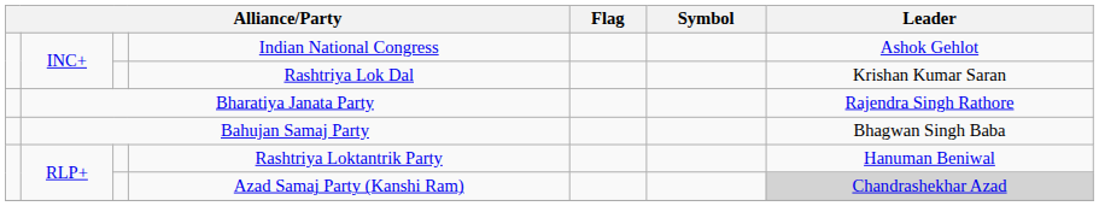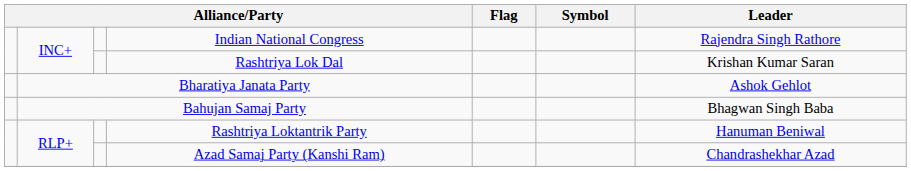 <table class="wikitable" width="50%" style="text-align:center;">
 <tr>
 <th colspan="4">Alliance/Party</th>
 <th>Flag</th>
 <th>Symbol</th>
 <th>Leader</th>
 </tr>
 <tr>
 <td rowspan="2"></td>
 <td rowspan="2"><a href='#'>INC+</a></td>
 <td></td>
 <td><a href='#'>Indian National Congress</a></td>
 <td></td>
 <td></td>
-<td><a href='#'>Ashok Gehlot</a></td>
+<td><a href='#'>Rajendra Singh Rathore</a></td>
 </tr>
 <tr>
 <td></td>
 <td><a href='#'>Rashtriya Lok Dal</a></td>
 <td></td>
 <td></td>
 <td>Krishan Kumar Saran</td>
 </tr>
 <tr>
 <td></td>
 <td colspan="3"><a href='#'>Bharatiya Janata Party</a></td>
 <td></td>
 <td></td>
-<td><a href='#'>Rajendra Singh Rathore</a></td>
+<td><a href='#'>Ashok Gehlot</a></td>
 </tr>
 <tr>
 <td></td>
 <td colspan="3"><a href='#'>Bahujan Samaj Party</a></td>
 <td></td>
 <td></td>
 <td>Bhagwan Singh Baba</td>
 </tr>
 <tr>
 <td rowspan="2"></td>
 <td rowspan="2"><a href='#'>RLP+</a></td>
 <td></td>
 <td><a href='#'>Rashtriya Loktantrik Party</a></td>
 <td></td>
 <td></td>
 <td><a href='#'>Hanuman Beniwal</a></td>
 </tr>
 <tr>
 <td></td>
 <td><a href='#'>Azad Samaj Party (Kanshi Ram)</a></td>
 <td></td>
 <td></td>
-<td style="background: lightgrey;"><a href='#'>Chandrashekhar Azad</a></td>
+<td><a href='#'>Chandrashekhar Azad</a></td>
 </tr>
 <tr>
 </tr>
 </table>
